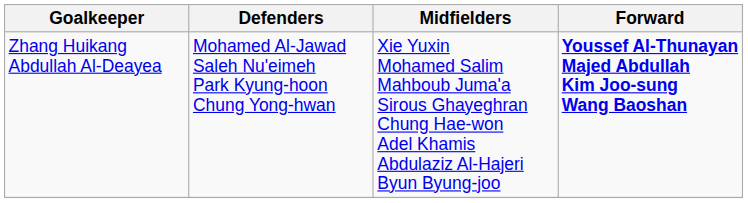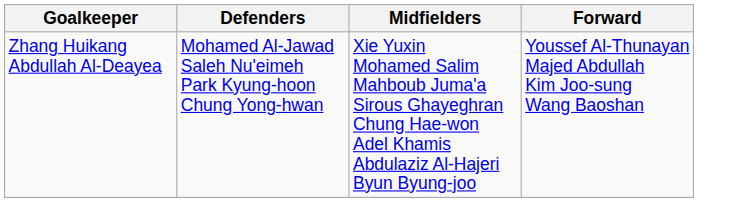 <table class="wikitable">
 <tr>
 <th style="width:25%;">Goalkeeper</th>
 <th style="width:25%;">Defenders</th>
 <th style="width:25%;">Midfielders</th>
 <th style="width:25%;">Forward</th>
 </tr>
 <tr style="vertical-align:top;">
 <td> <a href='#'>Zhang Huikang</a><br> <a href='#'>Abdullah Al-Deayea</a></td>
 <td> <a href='#'>Mohamed Al-Jawad</a><br> <a href='#'>Saleh Nu'eimeh</a><br> <a href='#'>Park Kyung-hoon</a><br> <a href='#'>Chung Yong-hwan</a></td>
 <td> <a href='#'>Xie Yuxin</a><br> <a href='#'>Mohamed Salim</a><br> <a href='#'>Mahboub Juma'a</a><br> <a href='#'>Sirous Ghayeghran</a><br> <a href='#'>Chung Hae-won</a><br> <a href='#'>Adel Khamis</a><br> <a href='#'>Abdulaziz Al-Hajeri</a><br> <a href='#'>Byun Byung-joo</a></td>
-<td><strong> <a href='#'>Youssef Al-Thunayan</a><br> <a href='#'>Majed Abdullah</a><br> <a href='#'>Kim Joo-sung</a><br> <a href='#'>Wang Baoshan</a></strong></td>
+<td> <a href='#'>Youssef Al-Thunayan</a><br> <a href='#'>Majed Abdullah</a><br> <a href='#'>Kim Joo-sung</a><br> <a href='#'>Wang Baoshan</a></td>
 </tr>
 <tr>
 </tr>
 </table>
